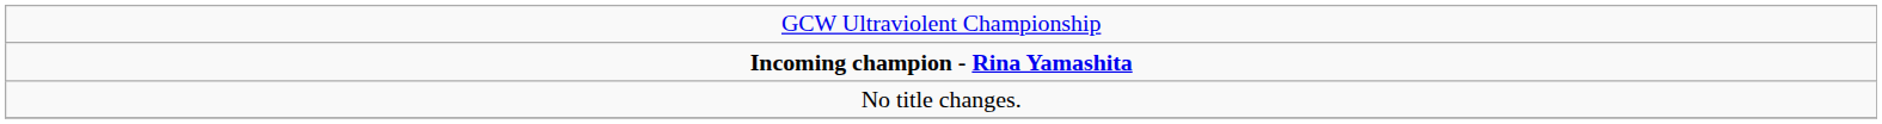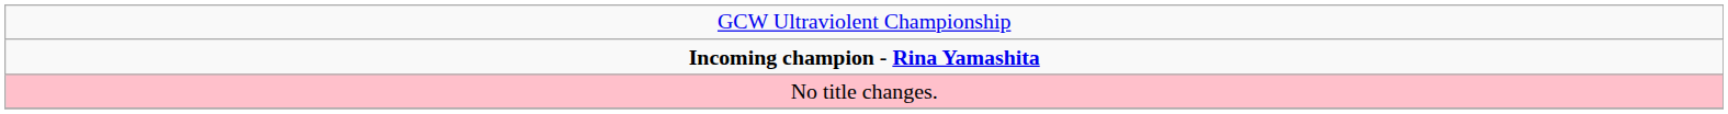 <table class="wikitable" style="text-align:center; width:100%;">
 <tr>
 <td colspan="5" style="text-align: center;"><a href='#'>GCW Ultraviolent Championship</a></td>
 </tr>
 <tr>
 <td colspan="5" style="text-align: center;"><strong>Incoming champion - <a href='#'>Rina Yamashita</a></strong></td>
 </tr>
 <tr>
-<td>No title changes.</td>
+<td style="background: pink;">No title changes.</td>
 </tr>
 <tr>
 </tr>
 </table>
